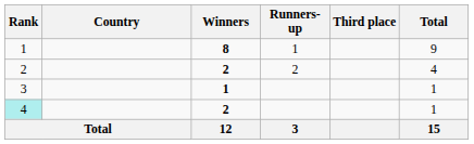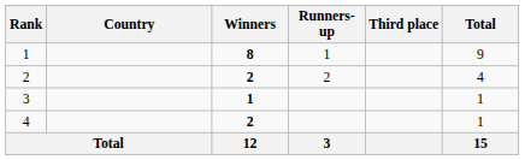 <table class="wikitable" style="text-align:center">
 <tr>
 <th width=40>Rank</th>
 <th width=180>Country</th>
 <th width=80>Winners</th>
 <th width=80>Runners-up</th>
 <th width=80>Third place</th>
 <th width=80>Total</th>
 </tr>
 <tr>
 <td>1</td>
 <td style="text-align:left"></td>
 <td><strong>8</strong></td>
 <td>1</td>
 <td></td>
 <td>9</td>
 </tr>
 <tr>
 <td>2</td>
 <td style="text-align:left"></td>
 <td><strong>2</strong></td>
 <td>2</td>
 <td></td>
 <td>4</td>
 </tr>
 <tr>
 <td>3</td>
 <td style="text-align:left"></td>
 <td><strong>1</strong></td>
 <td></td>
 <td></td>
 <td>1</td>
 </tr>
 <tr>
-<td style="background: paleturquoise;">4</td>
+<td>4</td>
 <td style="text-align:left"></td>
 <td><strong>2</strong></td>
 <td></td>
 <td></td>
 <td>1</td>
 </tr>
 <tr>
 <th colspan=2>Total</th>
 <th>12</th>
 <th>3</th>
 <th></th>
 <th>15</th>
 </tr>
 </table>
